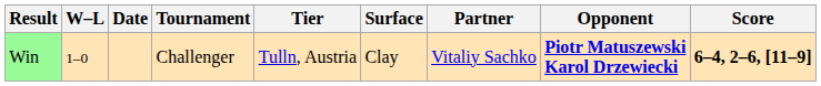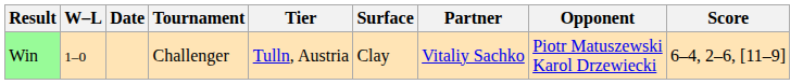 <table class="sortable wikitable">
 <tr>
 <th>Result</th>
 <th class="unsortable">W–L</th>
 <th>Date</th>
 <th>Tournament</th>
 <th>Tier</th>
 <th>Surface</th>
 <th>Partner</th>
 <th>Opponent</th>
 <th class="unsortable">Score</th>
 </tr>
 <tr>
 </tr>
 <tr bgcolor=moccasin>
 <td bgcolor= 98FB98>Win</td>
 <td><small>1–0</small></td>
 <td><a href='#'></a></td>
 <td>Challenger</td>
 <td><a href='#'>Tulln</a>, Austria</td>
 <td>Clay</td>
 <td> <a href='#'>Vitaliy Sachko</a></td>
-<td><strong> <a href='#'>Piotr Matuszewski</a> <br>  <a href='#'>Karol Drzewiecki</a></strong></td>
-<td><strong>6–4, 2–6, [11–9]</strong></td>
+<td> <a href='#'>Piotr Matuszewski</a> <br>  <a href='#'>Karol Drzewiecki</a></td>
+<td>6–4, 2–6, [11–9]</td>
 </tr>
 </table>
